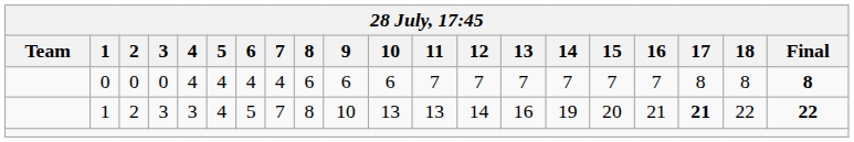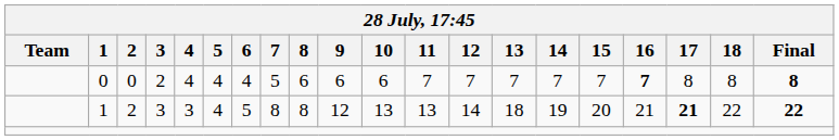 <table class=wikitable style="text-align:center; width: 55%">
 <tr>
 <th colspan=20><em>28 July, 17:45</em></th>
 </tr>
 <tr>
 <th>Team</th>
 <th>1</th>
 <th>2</th>
 <th>3</th>
 <th>4</th>
 <th>5</th>
 <th>6</th>
 <th>7</th>
 <th>8</th>
 <th>9</th>
 <th>10</th>
 <th>11</th>
 <th>12</th>
 <th>13</th>
 <th>14</th>
 <th>15</th>
 <th>16</th>
 <th>17</th>
 <th>18</th>
 <th>Final</th>
 </tr>
 <tr>
 <td align=left></td>
 <td>0</td>
 <td>0</td>
-<td>0</td>
+<td>2</td>
 <td>4</td>
 <td>4</td>
 <td>4</td>
-<td>4</td>
+<td>5</td>
 <td>6</td>
 <td>6</td>
 <td>6</td>
 <td>7</td>
 <td>7</td>
 <td>7</td>
 <td>7</td>
 <td>7</td>
-<td>7</td>
+<td><strong>7</strong></td>
 <td>8</td>
 <td>8</td>
 <td><strong>8</strong></td>
 </tr>
 <tr>
 <td align=left><strong></strong></td>
 <td>1</td>
 <td>2</td>
 <td>3</td>
 <td>3</td>
 <td>4</td>
 <td>5</td>
-<td>7</td>
 <td>8</td>
-<td>10</td>
+<td>8</td>
+<td>12</td>
 <td>13</td>
 <td>13</td>
 <td>14</td>
-<td>16</td>
+<td>18</td>
 <td>19</td>
 <td>20</td>
 <td>21</td>
 <td><strong>21</strong></td>
 <td>22</td>
 <td><strong>22</strong></td>
 </tr>
 <tr>
 <td colspan=20></td>
 </tr>
 </table>
